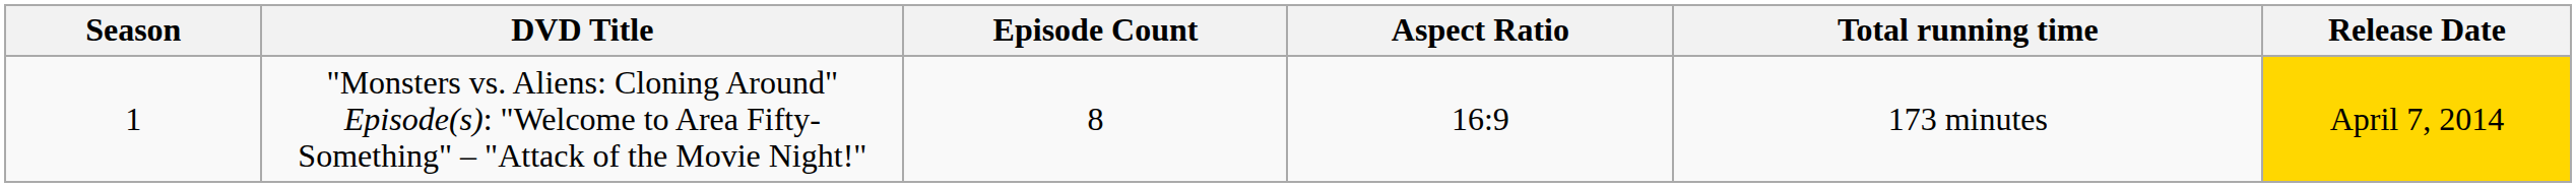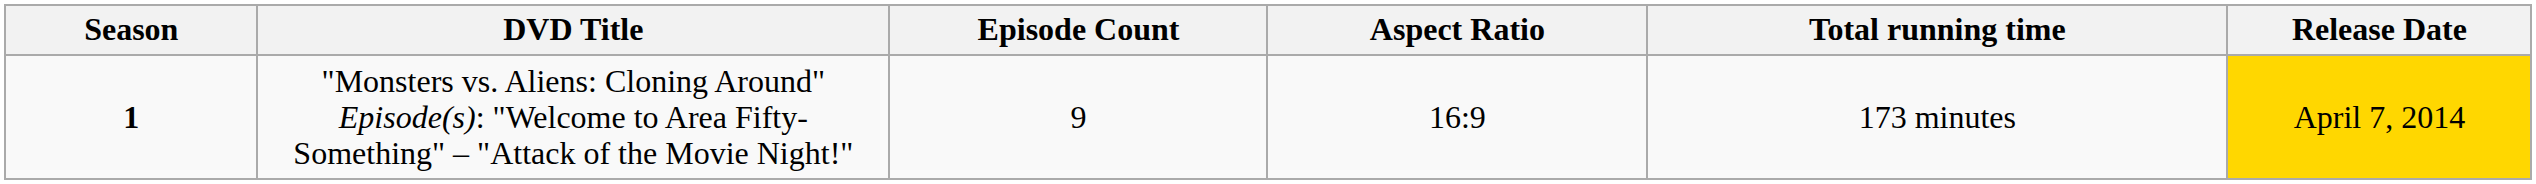 <table class="wikitable" width="100%" style="vertical-align:top;">
 <tr>
 <th width="10%">Season</th>
 <th colspan="2" width="25%">DVD Title</th>
 <th width="15%">Episode Count</th>
 <th width="15%">Aspect Ratio</th>
 <th width="23%">Total running time</th>
 <th width="12%">Release Date</th>
 </tr>
 <tr>
-<td rowspan="1" align="center">1</td>
+<td rowspan="1" align="center"><strong>1</strong></td>
 <td colspan="2" align="center">"Monsters vs. Aliens: Cloning Around" <em>Episode(s)</em>: "Welcome to Area Fifty-Something" – "Attack of the Movie Night!"</td>
-<td rowspan="1" align="center">8</td>
+<td rowspan="1" align="center">9</td>
 <td rowspan="1" align="center">16:9</td>
 <td align="center">173 minutes</td>
 <td align="center" style="background: gold;">April 7, 2014</td>
 </tr>
 </table>
